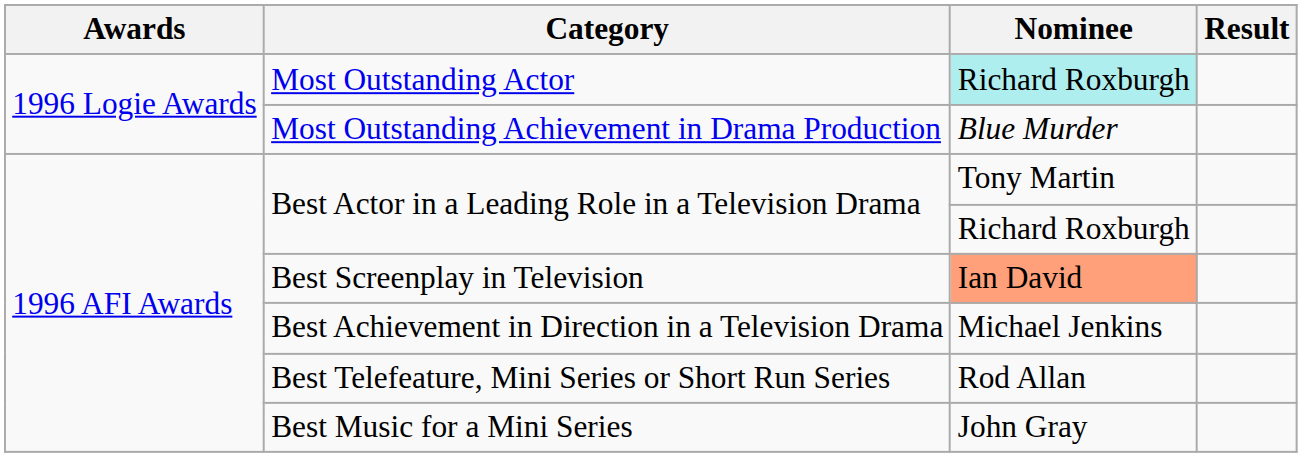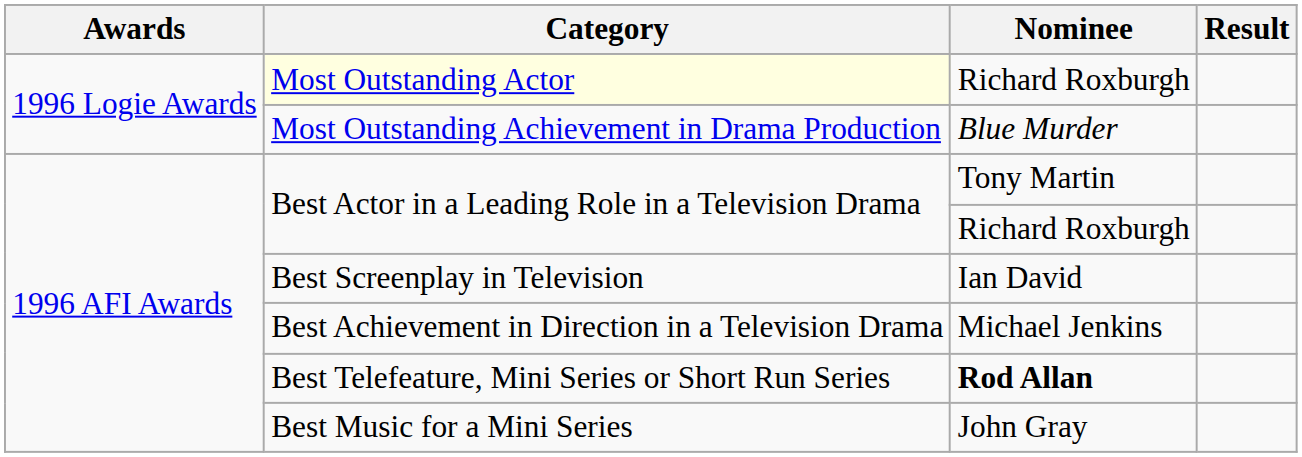 <table class="wikitable">
 <tr>
 <th>Awards</th>
 <th>Category</th>
 <th>Nominee</th>
 <th>Result</th>
 </tr>
 <tr>
 <td rowspan="2"><a href='#'>1996 Logie Awards</a></td>
-<td><a href='#'>Most Outstanding Actor</a></td>
-<td style="background: paleturquoise;">Richard Roxburgh</td>
+<td style="background: lightyellow;"><a href='#'>Most Outstanding Actor</a></td>
+<td>Richard Roxburgh</td>
 <td></td>
 </tr>
 <tr>
 <td><a href='#'>Most Outstanding Achievement in Drama Production</a></td>
 <td><em>Blue Murder</em></td>
 <td></td>
 </tr>
 <tr>
 <td rowspan="6"><a href='#'>1996 AFI Awards</a></td>
 <td rowspan="2">Best Actor in a Leading Role in a Television Drama</td>
 <td>Tony Martin</td>
 <td></td>
 </tr>
 <tr>
 <td>Richard Roxburgh</td>
 <td></td>
 </tr>
 <tr>
 <td>Best Screenplay in Television</td>
-<td style="background: lightsalmon;">Ian David</td>
+<td>Ian David</td>
 <td></td>
 </tr>
 <tr>
 <td>Best Achievement in Direction in a Television Drama</td>
 <td>Michael Jenkins</td>
 <td></td>
 </tr>
 <tr>
 <td>Best Telefeature, Mini Series or Short Run Series</td>
-<td>Rod Allan</td>
+<td><strong>Rod Allan</strong></td>
 <td></td>
 </tr>
 <tr>
 <td>Best Music for a Mini Series</td>
 <td>John Gray</td>
 <td></td>
 </tr>
 </table>
